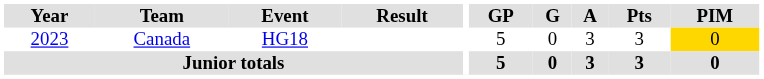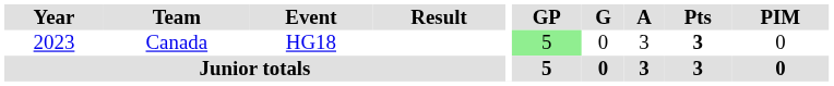 <table border="0" cellpadding="1" cellspacing="0" ID="Table3" style="text-align:center; width:40em;">
 <tr bgcolor="#e0e0e0">
 <th>Year</th>
 <th>Team</th>
 <th>Event</th>
 <th>Result</th>
 <th rowspan="101" bgcolor="#ffffff"></th>
 <th>GP</th>
 <th>G</th>
 <th>A</th>
 <th>Pts</th>
 <th>PIM</th>
 </tr>
 <tr>
 <td><a href='#'>2023</a></td>
 <td><a href='#'>Canada</a></td>
 <td><a href='#'>HG18</a></td>
 <td></td>
-<td>5</td>
+<td style="background: lightgreen;">5</td>
 <td>0</td>
 <td>3</td>
-<td>3</td>
-<td style="background: gold;">0</td>
+<td><strong>3</strong></td>
+<td>0</td>
 </tr>
 <tr bgcolor="#e0e0e0">
 <th colspan="4">Junior totals</th>
 <th>5</th>
 <th>0</th>
 <th>3</th>
 <th>3</th>
 <th>0</th>
 </tr>
 </table>
